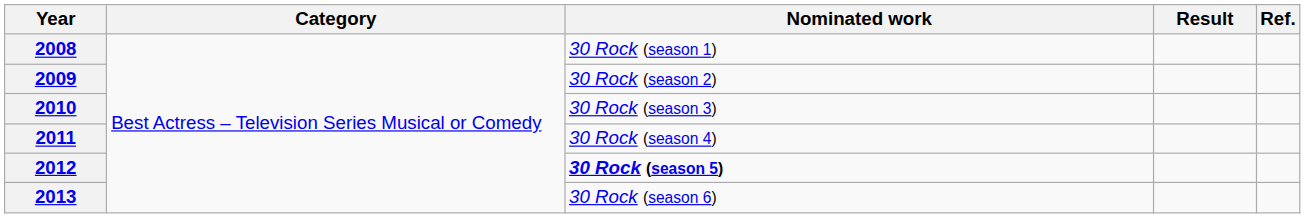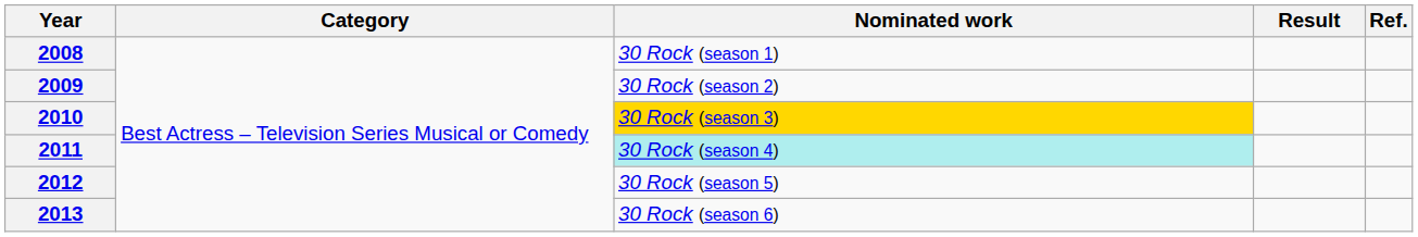 <table class=wikitable>
 <tr>
 <th scope="col" style="width:5em;">Year</th>
 <th scope="col" style="width:24em;">Category</th>
 <th scope="col" style="width:31em;">Nominated work</th>
 <th scope="col" style="width:5em;">Result</th>
 <th>Ref.</th>
 </tr>
 <tr>
 <th row=scope style="text-align:center;"><a href='#'>2008</a></th>
 <td rowspan=6><a href='#'>Best Actress – Television Series Musical or Comedy</a></td>
 <td><em><a href='#'>30 Rock</a></em> <small> (<a href='#'>season 1</a>) </small></td>
 <td></td>
 <td style="text-align:center;"></td>
 </tr>
 <tr>
 <th row=scope style="text-align:center;"><a href='#'>2009</a></th>
 <td><em><a href='#'>30 Rock</a></em> <small> (<a href='#'>season 2</a>) </small></td>
 <td></td>
 <td style="text-align:center;"></td>
 </tr>
 <tr>
 <th row=scope style="text-align:center;"><a href='#'>2010</a></th>
-<td><em><a href='#'>30 Rock</a></em> <small> (<a href='#'>season 3</a>) </small></td>
+<td style="background: gold;"><em><a href='#'>30 Rock</a></em> <small> (<a href='#'>season 3</a>) </small></td>
 <td></td>
 <td style="text-align:center;"></td>
 </tr>
 <tr>
 <th row=scope style="text-align:center;"><a href='#'>2011</a></th>
-<td><em><a href='#'>30 Rock</a></em> <small> (<a href='#'>season 4</a>) </small></td>
+<td style="background: paleturquoise;"><em><a href='#'>30 Rock</a></em> <small> (<a href='#'>season 4</a>) </small></td>
 <td></td>
 <td style="text-align:center;"></td>
 </tr>
 <tr>
 <th row=scope style="text-align:center;"><a href='#'>2012</a></th>
-<td><strong><em><a href='#'>30 Rock</a></em> <small> (<a href='#'>season 5</a>) </small></strong></td>
+<td><em><a href='#'>30 Rock</a></em> <small> (<a href='#'>season 5</a>) </small></td>
 <td></td>
 <td style="text-align:center;"></td>
 </tr>
 <tr>
 <th row=scope style="text-align:center;"><a href='#'>2013</a></th>
 <td><em><a href='#'>30 Rock</a></em> <small> (<a href='#'>season 6</a>) </small></td>
 <td></td>
 <td style="text-align:center;"></td>
 </tr>
 </table>
